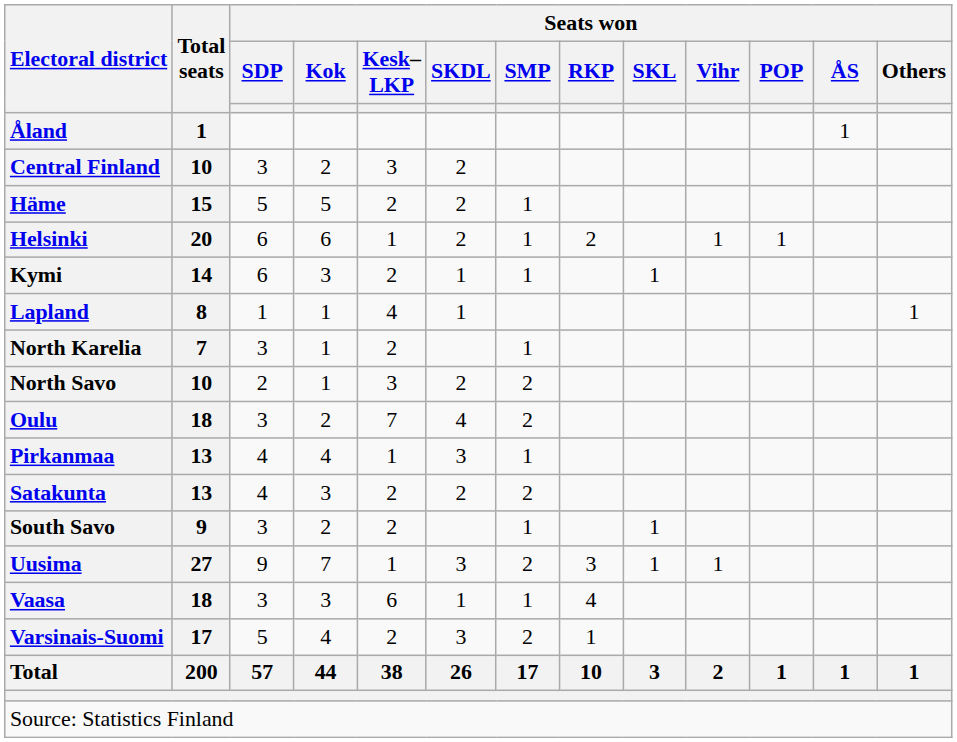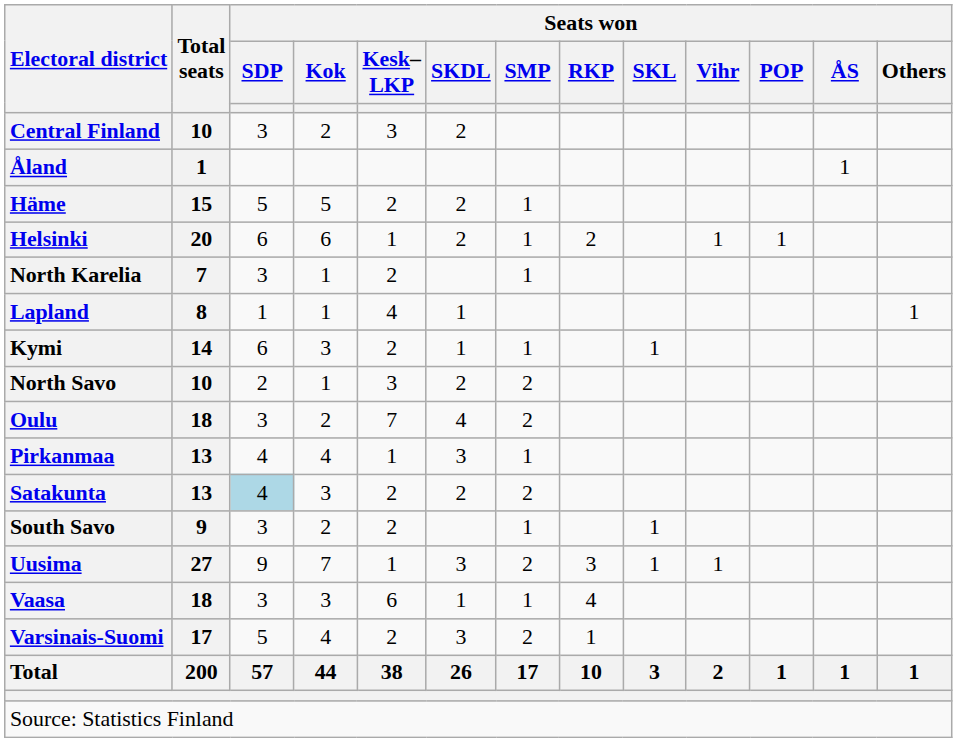 <table class="wikitable" style="text-align:center; font-size: 0.9em;">
 <tr>
 <th rowspan="3"><a href='#'>Electoral district</a></th>
 <th rowspan="3">Total<br>seats</th>
 <th colspan="11">Seats won</th>
 </tr>
 <tr>
 <th class="unsortable" style="width:35px;"><a href='#'>SDP</a></th>
 <th class="unsortable" style="width:35px;"><a href='#'>Kok</a></th>
 <th class="unsortable" style="width:35px;"><a href='#'>Kesk</a>–<a href='#'>LKP</a></th>
 <th class="unsortable" style="width:35px;"><a href='#'>SKDL</a></th>
 <th class="unsortable" style="width:35px;"><a href='#'>SMP</a></th>
 <th class="unsortable" style="width:35px;"><a href='#'>RKP</a></th>
 <th class="unsortable" style="width:35px;"><a href='#'>SKL</a></th>
 <th class="unsortable" style="width:35px;"><a href='#'>Vihr</a></th>
 <th class="unsortable" style="width:35px;"><a href='#'>POP</a></th>
 <th class="unsortable" style="width:35px;"><a href='#'>ÅS</a></th>
 <th class="unsortable" style="width:35px;">Others</th>
 </tr>
 <tr>
 <th style="background:"></th>
 <th style="background:"></th>
 <th style="background:"></th>
 <th style="background:"></th>
 <th style="background:"></th>
 <th style="background:"></th>
 <th style="background:"></th>
 <th style="background:"></th>
 <th style="background:"></th>
 <th style="background:"></th>
 <th style="background:"></th>
 </tr>
 <tr>
+<th style="text-align: left;"><a href='#'>Central Finland</a></th>
+<th>10</th>
+<td>3</td>
+<td>2</td>
+<td>3</td>
+<td>2</td>
+<td></td>
+<td></td>
+<td></td>
+<td></td>
+<td></td>
+<td></td>
+<td></td>
+</tr>
+<tr>
 <th style="text-align: left;"><a href='#'>Åland</a></th>
 <th>1</th>
 <td></td>
 <td></td>
 <td></td>
 <td></td>
 <td></td>
 <td></td>
 <td></td>
 <td></td>
 <td></td>
 <td>1</td>
-<td></td>
-</tr>
-<tr>
-<th style="text-align: left;"><a href='#'>Central Finland</a></th>
-<th>10</th>
-<td>3</td>
-<td>2</td>
-<td>3</td>
-<td>2</td>
-<td></td>
-<td></td>
-<td></td>
-<td></td>
-<td></td>
-<td></td>
 <td></td>
 </tr>
 <tr>
 <th style="text-align: left;"><a href='#'>Häme</a></th>
 <th>15</th>
 <td>5</td>
 <td>5</td>
 <td>2</td>
 <td>2</td>
 <td>1</td>
 <td></td>
 <td></td>
 <td></td>
 <td></td>
 <td></td>
 <td></td>
 </tr>
 <tr>
 <th style="text-align: left;"><a href='#'>Helsinki</a></th>
 <th>20</th>
 <td>6</td>
 <td>6</td>
 <td>1</td>
 <td>2</td>
 <td>1</td>
 <td>2</td>
 <td></td>
 <td>1</td>
 <td>1</td>
 <td></td>
 <td></td>
 </tr>
 <tr>
-<th style="text-align: left;">Kymi</th>
-<th>14</th>
-<td>6</td>
+<th style="text-align: left;">North Karelia</th>
+<th>7</th>
 <td>3</td>
+<td>1</td>
 <td>2</td>
-<td>1</td>
+<td></td>
 <td>1</td>
 <td></td>
-<td>1</td>
+<td></td>
 <td></td>
 <td></td>
 <td></td>
 <td></td>
 </tr>
 <tr>
 <th style="text-align: left;"><a href='#'>Lapland</a></th>
 <th>8</th>
 <td>1</td>
 <td>1</td>
 <td>4</td>
 <td>1</td>
 <td></td>
 <td></td>
 <td></td>
 <td></td>
 <td></td>
 <td></td>
 <td>1</td>
 </tr>
 <tr>
-<th style="text-align: left;">North Karelia</th>
-<th>7</th>
+<th style="text-align: left;">Kymi</th>
+<th>14</th>
+<td>6</td>
 <td>3</td>
+<td>2</td>
 <td>1</td>
-<td>2</td>
+<td>1</td>
 <td></td>
 <td>1</td>
-<td></td>
-<td></td>
 <td></td>
 <td></td>
 <td></td>
 <td></td>
 </tr>
 <tr>
 <th style="text-align: left;">North Savo</th>
 <th>10</th>
 <td>2</td>
 <td>1</td>
 <td>3</td>
 <td>2</td>
 <td>2</td>
 <td></td>
 <td></td>
 <td></td>
 <td></td>
 <td></td>
 <td></td>
 </tr>
 <tr>
 <th style="text-align: left;"><a href='#'>Oulu</a></th>
 <th>18</th>
 <td>3</td>
 <td>2</td>
 <td>7</td>
 <td>4</td>
 <td>2</td>
 <td></td>
 <td></td>
 <td></td>
 <td></td>
 <td></td>
 <td></td>
 </tr>
 <tr>
 <th style="text-align: left;"><a href='#'>Pirkanmaa</a></th>
 <th>13</th>
 <td>4</td>
 <td>4</td>
 <td>1</td>
 <td>3</td>
 <td>1</td>
 <td></td>
 <td></td>
 <td></td>
 <td></td>
 <td></td>
 <td></td>
 </tr>
 <tr>
 <th style="text-align: left;"><a href='#'>Satakunta</a></th>
 <th>13</th>
-<td>4</td>
+<td style="background: lightblue;">4</td>
 <td>3</td>
 <td>2</td>
 <td>2</td>
 <td>2</td>
 <td></td>
 <td></td>
 <td></td>
 <td></td>
 <td></td>
 <td></td>
 </tr>
 <tr>
 <th style="text-align: left;">South Savo</th>
 <th>9</th>
 <td>3</td>
 <td>2</td>
 <td>2</td>
 <td></td>
 <td>1</td>
 <td></td>
 <td>1</td>
 <td></td>
 <td></td>
 <td></td>
 <td></td>
 </tr>
 <tr>
 <th style="text-align: left;"><a href='#'>Uusima</a></th>
 <th>27</th>
 <td>9</td>
 <td>7</td>
 <td>1</td>
 <td>3</td>
 <td>2</td>
 <td>3</td>
 <td>1</td>
 <td>1</td>
 <td></td>
 <td></td>
 <td></td>
 </tr>
 <tr>
 <th style="text-align: left;"><a href='#'>Vaasa</a></th>
 <th>18</th>
 <td>3</td>
 <td>3</td>
 <td>6</td>
 <td>1</td>
 <td>1</td>
 <td>4</td>
 <td></td>
 <td></td>
 <td></td>
 <td></td>
 <td></td>
 </tr>
 <tr>
 <th style="text-align: left;"><a href='#'>Varsinais-Suomi</a></th>
 <th>17</th>
 <td>5</td>
 <td>4</td>
 <td>2</td>
 <td>3</td>
 <td>2</td>
 <td>1</td>
 <td></td>
 <td></td>
 <td></td>
 <td></td>
 <td></td>
 </tr>
 <tr class="sortbottom">
 <th style="text-align: left;">Total</th>
 <th>200</th>
 <th>57</th>
 <th>44</th>
 <th>38</th>
 <th>26</th>
 <th>17</th>
 <th>10</th>
 <th>3</th>
 <th>2</th>
 <th>1</th>
 <th>1</th>
 <th>1</th>
 </tr>
 <tr>
 <th colspan="13"></th>
 </tr>
 <tr>
 <td colspan="13" align=left>Source: Statistics Finland</td>
 </tr>
 </table>
